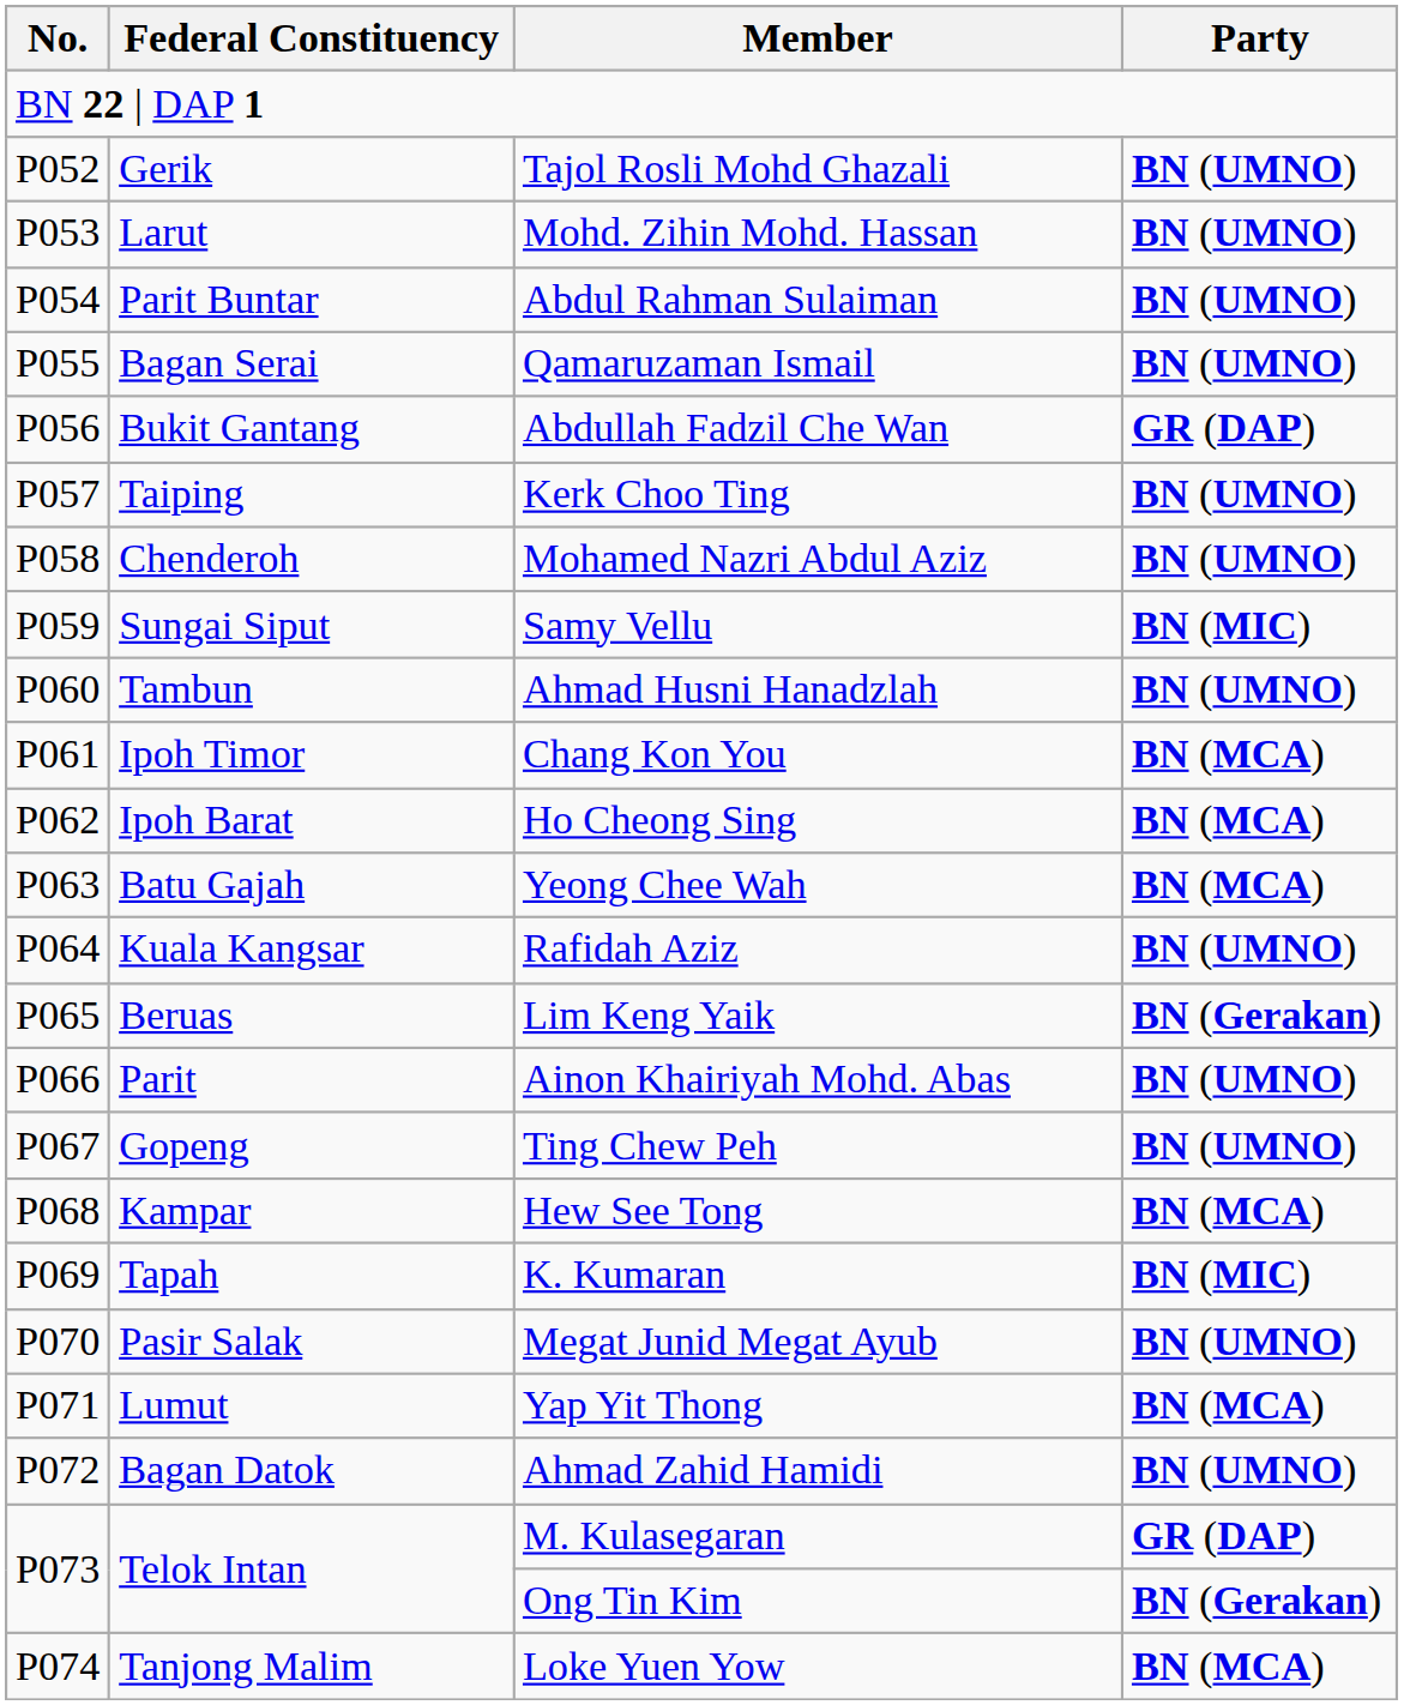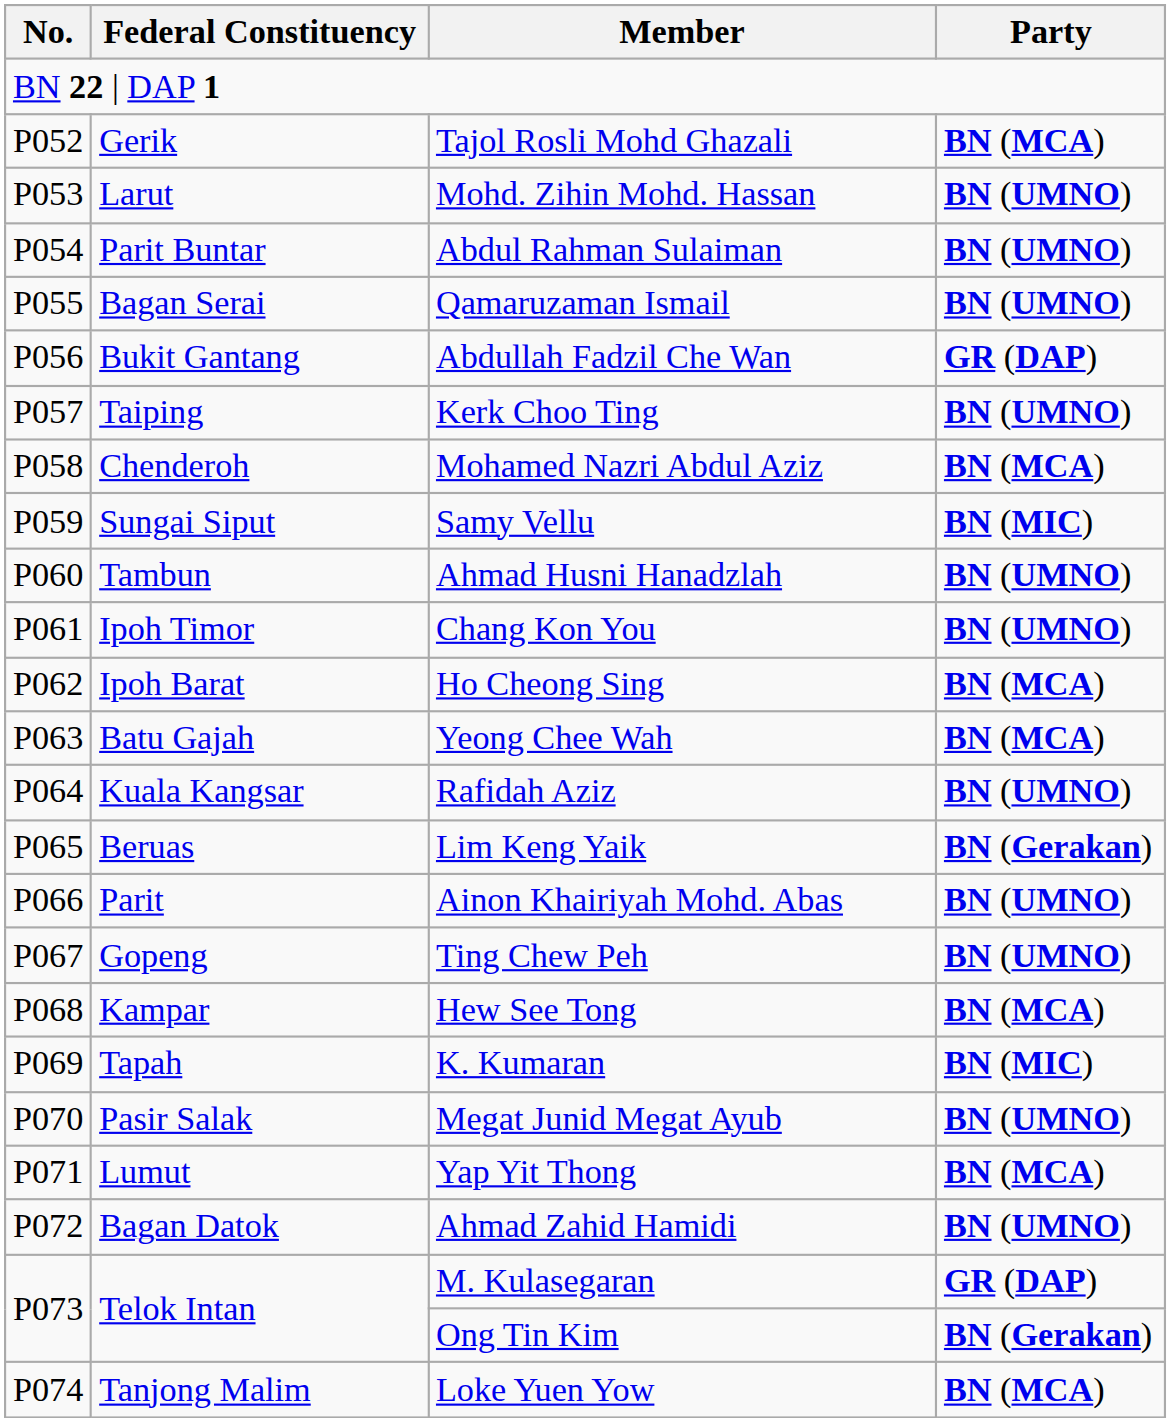 <table class="wikitable sortable">
 <tr>
 <th style="width:30px;">No.</th>
 <th style="width:150px;">Federal Constituency</th>
 <th style="width:230px;">Member</th>
 <th style="width:100px;">Party</th>
 </tr>
 <tr>
 <td colspan="4"><a href='#'>BN</a> <strong>22</strong> | <a href='#'>DAP</a> <strong>1</strong></td>
 </tr>
 <tr>
 <td>P052</td>
 <td><a href='#'>Gerik</a></td>
 <td><a href='#'>Tajol Rosli Mohd Ghazali</a></td>
-<td><strong><a href='#'>BN</a></strong> (<strong><a href='#'>UMNO</a></strong>)</td>
+<td><strong><a href='#'>BN</a></strong> (<strong><a href='#'>MCA</a></strong>)</td>
 </tr>
 <tr>
 <td>P053</td>
 <td><a href='#'>Larut</a></td>
 <td><a href='#'>Mohd. Zihin Mohd. Hassan</a></td>
 <td><strong><a href='#'>BN</a></strong> (<strong><a href='#'>UMNO</a></strong>)</td>
 </tr>
 <tr>
 <td>P054</td>
 <td><a href='#'>Parit Buntar</a></td>
 <td><a href='#'>Abdul Rahman Sulaiman</a></td>
 <td><strong><a href='#'>BN</a></strong> (<strong><a href='#'>UMNO</a></strong>)</td>
 </tr>
 <tr>
 <td>P055</td>
 <td><a href='#'>Bagan Serai</a></td>
 <td><a href='#'>Qamaruzaman Ismail</a></td>
 <td><strong><a href='#'>BN</a></strong> (<strong><a href='#'>UMNO</a></strong>)</td>
 </tr>
 <tr>
 <td>P056</td>
 <td><a href='#'>Bukit Gantang</a></td>
 <td><a href='#'>Abdullah Fadzil Che Wan</a></td>
 <td><strong><a href='#'>GR</a></strong> (<strong><a href='#'>DAP</a></strong>)</td>
 </tr>
 <tr>
 <td>P057</td>
 <td><a href='#'>Taiping</a></td>
 <td><a href='#'>Kerk Choo Ting</a></td>
 <td><strong><a href='#'>BN</a></strong> (<strong><a href='#'>UMNO</a></strong>)</td>
 </tr>
 <tr>
 <td>P058</td>
 <td><a href='#'>Chenderoh</a></td>
 <td><a href='#'>Mohamed Nazri Abdul Aziz</a></td>
-<td><strong><a href='#'>BN</a></strong> (<strong><a href='#'>UMNO</a></strong>)</td>
+<td><strong><a href='#'>BN</a></strong> (<strong><a href='#'>MCA</a></strong>)</td>
 </tr>
 <tr>
 <td>P059</td>
 <td><a href='#'>Sungai Siput</a></td>
 <td><a href='#'>Samy Vellu</a></td>
 <td><strong><a href='#'>BN</a></strong> (<strong><a href='#'>MIC</a></strong>)</td>
 </tr>
 <tr>
 <td>P060</td>
 <td><a href='#'>Tambun</a></td>
 <td><a href='#'>Ahmad Husni Hanadzlah</a></td>
 <td><strong><a href='#'>BN</a></strong> (<strong><a href='#'>UMNO</a></strong>)</td>
 </tr>
 <tr>
 <td>P061</td>
 <td><a href='#'>Ipoh Timor</a></td>
 <td><a href='#'>Chang Kon You</a></td>
-<td><strong><a href='#'>BN</a></strong> (<strong><a href='#'>MCA</a></strong>)</td>
+<td><strong><a href='#'>BN</a></strong> (<strong><a href='#'>UMNO</a></strong>)</td>
 </tr>
 <tr>
 <td>P062</td>
 <td><a href='#'>Ipoh Barat</a></td>
 <td><a href='#'>Ho Cheong Sing</a></td>
 <td><strong><a href='#'>BN</a></strong> (<strong><a href='#'>MCA</a></strong>)</td>
 </tr>
 <tr>
 <td>P063</td>
 <td><a href='#'>Batu Gajah</a></td>
 <td><a href='#'>Yeong Chee Wah</a></td>
 <td><strong><a href='#'>BN</a></strong> (<strong><a href='#'>MCA</a></strong>)</td>
 </tr>
 <tr>
 <td>P064</td>
 <td><a href='#'>Kuala Kangsar</a></td>
 <td><a href='#'>Rafidah Aziz</a></td>
 <td><strong><a href='#'>BN</a></strong> (<strong><a href='#'>UMNO</a></strong>)</td>
 </tr>
 <tr>
 <td>P065</td>
 <td><a href='#'>Beruas</a></td>
 <td><a href='#'>Lim Keng Yaik</a></td>
 <td><strong><a href='#'>BN</a></strong> (<strong><a href='#'>Gerakan</a></strong>)</td>
 </tr>
 <tr>
 <td>P066</td>
 <td><a href='#'>Parit</a></td>
 <td><a href='#'>Ainon Khairiyah Mohd. Abas</a></td>
 <td><strong><a href='#'>BN</a></strong> (<strong><a href='#'>UMNO</a></strong>)</td>
 </tr>
 <tr>
 <td>P067</td>
 <td><a href='#'>Gopeng</a></td>
 <td><a href='#'>Ting Chew Peh</a></td>
 <td><strong><a href='#'>BN</a></strong> (<strong><a href='#'>UMNO</a></strong>)</td>
 </tr>
 <tr>
 <td>P068</td>
 <td><a href='#'>Kampar</a></td>
 <td><a href='#'>Hew See Tong</a></td>
 <td><strong><a href='#'>BN</a></strong> (<strong><a href='#'>MCA</a></strong>)</td>
 </tr>
 <tr>
 <td>P069</td>
 <td><a href='#'>Tapah</a></td>
 <td><a href='#'>K. Kumaran</a></td>
 <td><strong><a href='#'>BN</a></strong> (<strong><a href='#'>MIC</a></strong>)</td>
 </tr>
 <tr>
 <td>P070</td>
 <td><a href='#'>Pasir Salak</a></td>
 <td><a href='#'>Megat Junid Megat Ayub</a></td>
 <td><strong><a href='#'>BN</a></strong> (<strong><a href='#'>UMNO</a></strong>)</td>
 </tr>
 <tr>
 <td>P071</td>
 <td><a href='#'>Lumut</a></td>
 <td><a href='#'>Yap Yit Thong</a></td>
 <td><strong><a href='#'>BN</a></strong> (<strong><a href='#'>MCA</a></strong>)</td>
 </tr>
 <tr>
 <td>P072</td>
 <td><a href='#'>Bagan Datok</a></td>
 <td><a href='#'>Ahmad Zahid Hamidi</a></td>
 <td><strong><a href='#'>BN</a></strong> (<strong><a href='#'>UMNO</a></strong>)</td>
 </tr>
 <tr>
 <td rowspan=2>P073</td>
 <td rowspan=2><a href='#'>Telok Intan</a></td>
 <td><a href='#'>M. Kulasegaran</a> </td>
 <td><strong><a href='#'>GR</a></strong> (<strong><a href='#'>DAP</a></strong>)</td>
 </tr>
 <tr>
 <td><a href='#'>Ong Tin Kim</a> </td>
 <td><strong><a href='#'>BN</a></strong> (<strong><a href='#'>Gerakan</a></strong>)</td>
 </tr>
 <tr>
 <td>P074</td>
 <td><a href='#'>Tanjong Malim</a></td>
 <td><a href='#'>Loke Yuen Yow</a></td>
 <td><strong><a href='#'>BN</a></strong> (<strong><a href='#'>MCA</a></strong>)</td>
 </tr>
 </table>
